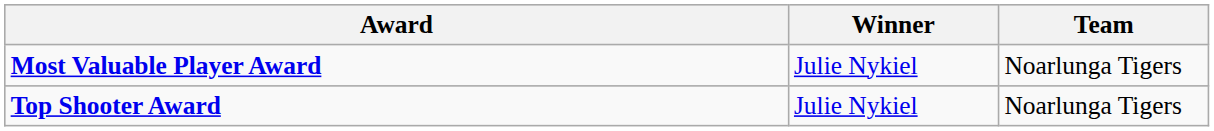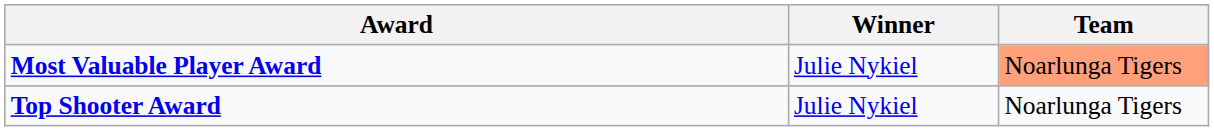 <table class="wikitable" style="width: 60%">
 <tr>
 <th colspan=2 width=150>Award</th>
 <th width=125>Winner</th>
 <th width=125>Team</th>
 </tr>
 <tr>
 <td colspan=2><strong><a href='#'>Most Valuable Player Award</a></strong></td>
 <td> <a href='#'>Julie Nykiel</a></td>
-<td>Noarlunga Tigers</td>
+<td style="background: lightsalmon;">Noarlunga Tigers</td>
 </tr>
 <tr>
 <td colspan=2><strong><a href='#'>Top Shooter Award</a></strong></td>
 <td> <a href='#'>Julie Nykiel</a></td>
 <td>Noarlunga Tigers</td>
 </tr>
 </table>
